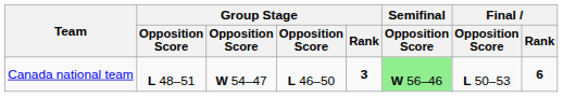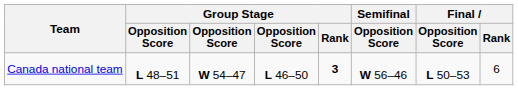 <table class="wikitable" style="font-size:90%;text-align:center">
 <tr>
 <th rowspan="2">Team</th>
 <th colspan="4">Group Stage</th>
 <th>Semifinal</th>
 <th colspan="2">Final / </th>
 </tr>
 <tr style="font-size:95%">
 <th>Opposition<br>Score</th>
 <th>Opposition<br>Score</th>
 <th>Opposition<br>Score</th>
 <th>Rank</th>
 <th>Opposition<br>Score</th>
 <th>Opposition<br>Score</th>
 <th>Rank</th>
 </tr>
 <tr align=center>
 <td align=left><a href='#'>Canada national team</a></td>
 <td><br><strong>L</strong> 48–51</td>
 <td><br><strong>W</strong> 54–47</td>
 <td><br><strong>L</strong> 46–50</td>
 <td><strong>3</strong></td>
-<td style="background: lightgreen;"><br><strong>W</strong> 56–46</td>
+<td><br><strong>W</strong> 56–46</td>
 <td><br><strong>L</strong> 50–53</td>
-<td><strong>6</strong></td>
+<td>6</td>
 </tr>
 </table>
